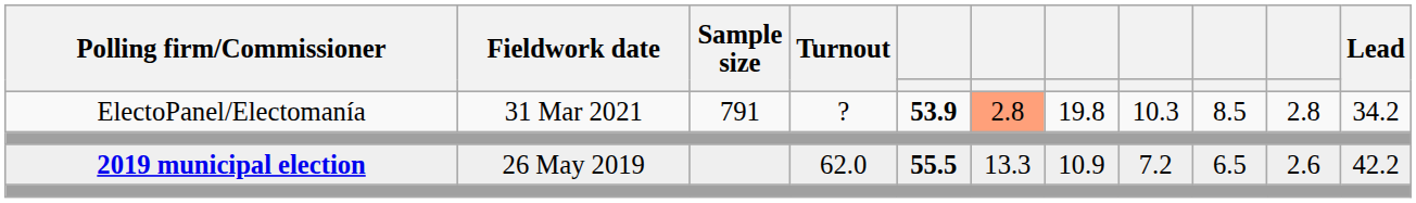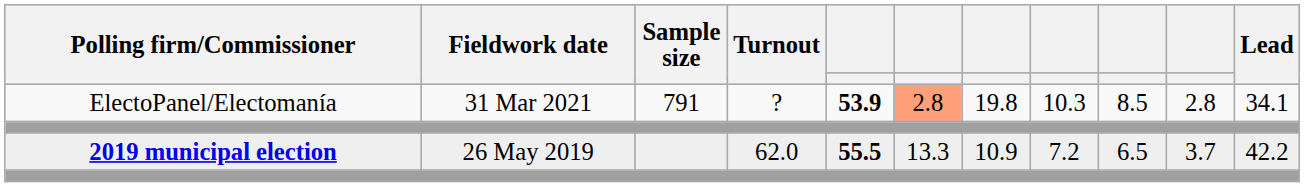 <table class="wikitable collapsible collapsed" style="text-align:center; font-size:95%; line-height:16px;">
 <tr style="height:42px;">
 <th style="width:250px;" rowspan="2">Polling firm/Commissioner</th>
 <th style="width:125px;" rowspan="2">Fieldwork date</th>
 <th style="width:50px;" rowspan="2">Sample size</th>
 <th style="width:45px;" rowspan="2">Turnout</th>
 <th style="width:35px;"></th>
 <th style="width:35px;"></th>
 <th style="width:35px;"></th>
 <th style="width:35px;"></th>
 <th style="width:35px;"></th>
 <th style="width:35px;"></th>
 <th style="width:30px;" rowspan="2">Lead</th>
 </tr>
 <tr>
 <th style="color:inherit;background:"></th>
 <th style="color:inherit;background:"></th>
 <th style="color:inherit;background:"></th>
 <th style="color:inherit;background:"></th>
 <th style="color:inherit;background:"></th>
 <th style="color:inherit;background:"></th>
 </tr>
 <tr>
 <td>ElectoPanel/Electomanía</td>
 <td>31 Mar 2021</td>
 <td>791</td>
 <td>?</td>
 <td><strong>53.9</strong><br></td>
 <td style="background: lightsalmon;">2.8<br></td>
 <td>19.8<br></td>
 <td>10.3<br></td>
 <td>8.5<br></td>
 <td>2.8<br></td>
-<td style="background:">34.2</td>
+<td style="background:">34.1</td>
 </tr>
 <tr>
 <td colspan="11" style="background:#A0A0A0"></td>
 </tr>
 <tr style="background:#EFEFEF;">
 <td><strong><a href='#'>2019 municipal election</a></strong></td>
 <td>26 May 2019</td>
 <td></td>
 <td>62.0</td>
 <td><strong>55.5</strong><br></td>
 <td>13.3<br></td>
 <td>10.9<br></td>
 <td>7.2<br></td>
 <td>6.5<br></td>
-<td>2.6<br></td>
+<td>3.7<br></td>
 <td style="background:">42.2</td>
 </tr>
 <tr>
 <td colspan="11" style="background:#A0A0A0"></td>
 </tr>
 </table>
